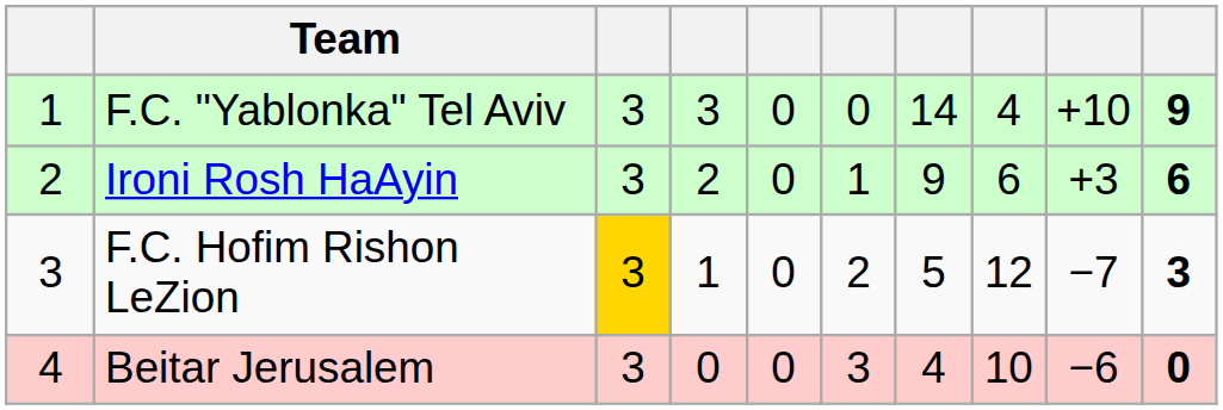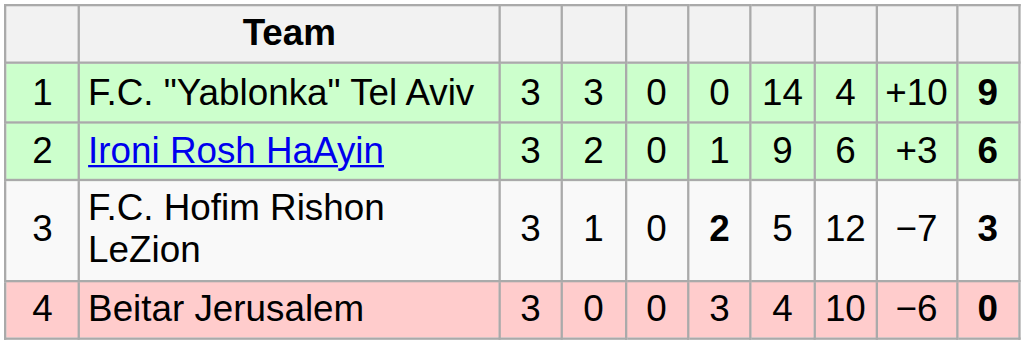 <table class="wikitable" style="text-align: center;">
 <tr>
 <th width="25"></th>
 <th width="175">Team</th>
 <th width="20"></th>
 <th width="20"></th>
 <th width="20"></th>
 <th width="20"></th>
 <th width="20"></th>
 <th width="20"></th>
 <th width="20"></th>
 <th width="20"></th>
 </tr>
 <tr style="background:#cfc;">
 <td>1</td>
 <td align="left">F.C. "Yablonka" Tel Aviv</td>
 <td>3</td>
 <td>3</td>
 <td>0</td>
 <td>0</td>
 <td>14</td>
 <td>4</td>
 <td>+10</td>
 <td><strong>9</strong></td>
 </tr>
 <tr style="background:#cfc;">
 <td>2</td>
 <td align="left"><a href='#'>Ironi Rosh HaAyin</a></td>
 <td>3</td>
 <td>2</td>
 <td>0</td>
 <td>1</td>
 <td>9</td>
 <td>6</td>
 <td>+3</td>
 <td><strong>6</strong></td>
 </tr>
 <tr>
 <td>3</td>
 <td align="left">F.C. Hofim Rishon LeZion</td>
-<td style="background: gold;">3</td>
+<td>3</td>
 <td>1</td>
 <td>0</td>
-<td>2</td>
+<td><strong>2</strong></td>
 <td>5</td>
 <td>12</td>
 <td>−7</td>
 <td><strong>3</strong></td>
 </tr>
 <tr style="background:#fcc;">
 <td>4</td>
 <td align="left">Beitar Jerusalem</td>
 <td>3</td>
 <td>0</td>
 <td>0</td>
 <td>3</td>
 <td>4</td>
 <td>10</td>
 <td>−6</td>
 <td><strong>0</strong></td>
 </tr>
 </table>
